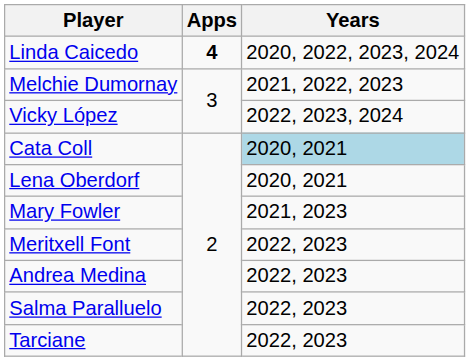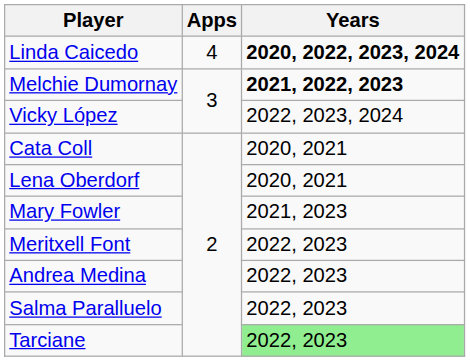 <table class="wikitable sortable">
 <tr>
 <th>Player</th>
 <th>Apps</th>
 <th>Years</th>
 </tr>
 <tr>
 <td> <a href='#'>Linda Caicedo</a></td>
-<td align="center"><strong>4</strong></td>
-<td>2020, 2022, 2023, 2024</td>
+<td align="center">4</td>
+<td><strong>2020, 2022, 2023, 2024</strong></td>
 </tr>
 <tr>
 <td> <a href='#'>Melchie Dumornay</a></td>
 <td rowspan="2" align="center">3</td>
-<td>2021, 2022, 2023</td>
+<td><strong>2021, 2022, 2023</strong></td>
 </tr>
 <tr>
 <td> <a href='#'>Vicky López</a></td>
 <td>2022, 2023, 2024</td>
 </tr>
 <tr>
 <td> <a href='#'>Cata Coll</a></td>
 <td rowspan="8" align="center">2</td>
-<td style="background: lightblue;">2020, 2021</td>
+<td>2020, 2021</td>
 </tr>
 <tr>
 <td> <a href='#'>Lena Oberdorf</a></td>
 <td>2020, 2021</td>
 </tr>
 <tr>
 <td> <a href='#'>Mary Fowler</a></td>
 <td>2021, 2023</td>
 </tr>
 <tr>
 <td> <a href='#'>Meritxell Font</a></td>
 <td>2022, 2023</td>
 </tr>
 <tr>
 <td> <a href='#'>Andrea Medina</a></td>
 <td>2022, 2023</td>
 </tr>
 <tr>
 <td> <a href='#'>Salma Paralluelo</a></td>
 <td>2022, 2023</td>
 </tr>
 <tr>
 <td> <a href='#'>Tarciane</a></td>
-<td>2022, 2023</td>
+<td style="background: lightgreen;">2022, 2023</td>
 </tr>
 </table>
